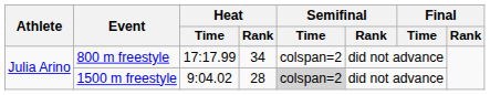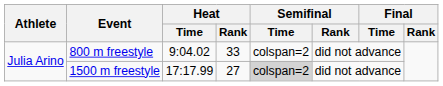 <table class="wikitable" style="text-align:center; font-size:90%">
 <tr>
 <th rowspan="2">Athlete</th>
 <th rowspan="2">Event</th>
 <th colspan="2">Heat</th>
 <th colspan="2">Semifinal</th>
 <th colspan="2">Final</th>
 </tr>
 <tr style="font-size:95%">
 <th>Time</th>
 <th>Rank</th>
 <th>Time</th>
 <th>Rank</th>
 <th>Time</th>
 <th>Rank</th>
 </tr>
 <tr>
 <td align=left rowspan=2><a href='#'>Julia Arino</a></td>
 <td align=left><a href='#'>800 m freestyle</a></td>
-<td>17:17.99</td>
-<td>34</td>
+<td>9:04.02</td>
+<td>33</td>
 <td>colspan=2</td>
 <td colspan=2>did not advance</td>
 </tr>
 <tr>
 <td align=left><a href='#'>1500 m freestyle</a></td>
-<td>9:04.02</td>
-<td>28</td>
+<td>17:17.99</td>
+<td>27</td>
 <td style="background: lightgrey;">colspan=2</td>
 <td colspan=2>did not advance</td>
 </tr>
 </table>
